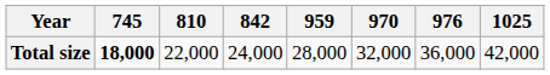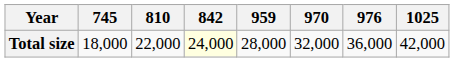 <table class="wikitable" style="text-align:center; margin: 1em auto 1em auto">
 <tr>
 <th>Year</th>
 <th>745</th>
 <th>810</th>
 <th>842</th>
 <th>959</th>
 <th>970</th>
 <th>976</th>
 <th>1025</th>
 </tr>
 <tr>
 <th>Total size</th>
-<td><strong>18,000</strong></td>
+<td>18,000</td>
 <td>22,000</td>
-<td>24,000</td>
+<td style="background: lightyellow;">24,000</td>
 <td>28,000</td>
 <td>32,000</td>
 <td>36,000</td>
 <td>42,000</td>
 </tr>
 </table>
